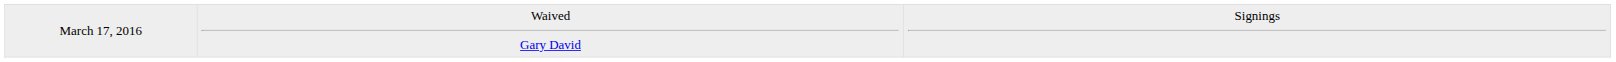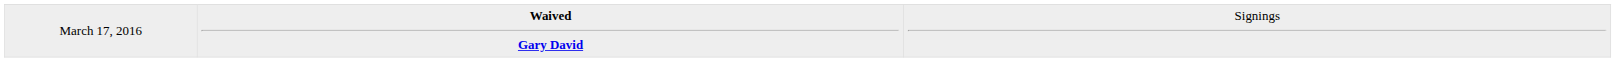 <table border=1 style="border-collapse:collapse; text-align: center; width: 100%" bordercolor="#DFDFDF"  cellpadding="5">
 <tr>
 </tr>
 <tr bgcolor="eeeeee">
 <td rowspan=1>March 17, 2016 <br></td>
-<td style="width:44%" valign="top">Waived<hr><a href='#'>Gary David</a></td>
+<td style="width:44%" valign="top"><strong>Waived<hr><a href='#'>Gary David</a></strong></td>
 <td style="width:44%" valign="top">Signings<hr></td>
 </tr>
 </table>
